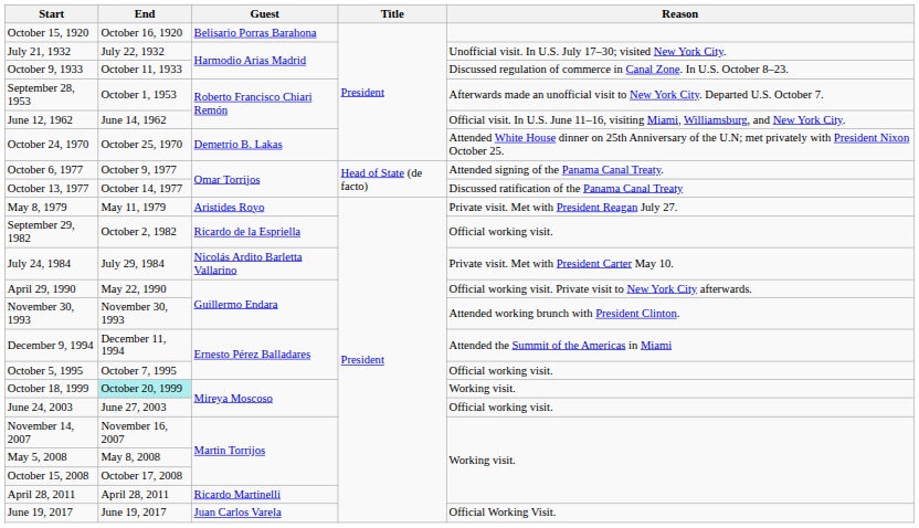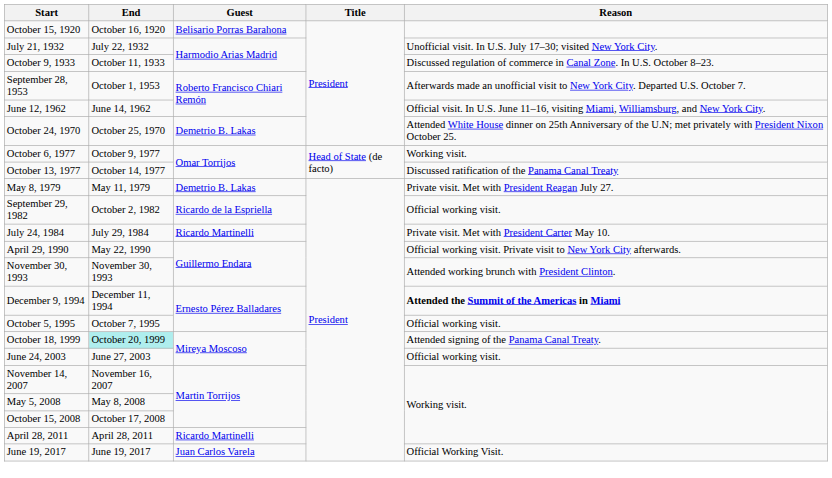 <table class="wikitable sortable">
 <tr>
 <th>Start</th>
 <th>End</th>
 <th>Guest</th>
 <th>Title</th>
 <th>Reason</th>
 </tr>
 <tr>
 <td>October 15, 1920</td>
 <td>October 16, 1920</td>
 <td><a href='#'>Belisario Porras Barahona</a></td>
 <td rowspan=6><a href='#'>President</a></td>
 <td></td>
 </tr>
 <tr>
 <td>July 21, 1932</td>
 <td>July 22, 1932</td>
 <td rowspan=2><a href='#'>Harmodio Arias Madrid</a></td>
 <td>Unofficial visit. In U.S. July 17–30; visited <a href='#'>New York City</a>.</td>
 </tr>
 <tr>
 <td>October 9, 1933</td>
 <td>October 11, 1933</td>
 <td>Discussed regulation of commerce in <a href='#'>Canal Zone</a>. In U.S. October 8–23.</td>
 </tr>
 <tr>
 <td>September 28, 1953</td>
 <td>October 1, 1953</td>
 <td rowspan=2><a href='#'>Roberto Francisco Chiari Remón</a></td>
 <td>Afterwards made an unofficial visit to <a href='#'>New York City</a>. Departed U.S. October 7.</td>
 </tr>
 <tr>
 <td>June 12, 1962</td>
 <td>June 14, 1962</td>
 <td>Official visit. In U.S. June 11–16, visiting <a href='#'>Miami</a>, <a href='#'>Williamsburg</a>, and <a href='#'>New York City</a>.</td>
 </tr>
 <tr>
 <td>October 24, 1970</td>
 <td>October 25, 1970</td>
 <td><a href='#'>Demetrio B. Lakas</a></td>
 <td>Attended <a href='#'>White House</a> dinner on 25th Anniversary of the U.N; met privately with <a href='#'>President Nixon</a> October 25.</td>
 </tr>
 <tr>
 <td>October 6, 1977</td>
 <td>October 9, 1977</td>
 <td rowspan=2><a href='#'>Omar Torrijos</a></td>
 <td rowspan=2><a href='#'>Head of State</a> (de facto)</td>
-<td>Attended signing of the <a href='#'>Panama Canal Treaty</a>.</td>
+<td>Working visit.</td>
 </tr>
 <tr>
 <td>October 13, 1977</td>
 <td>October 14, 1977</td>
 <td>Discussed ratification of the <a href='#'>Panama Canal Treaty</a></td>
 </tr>
 <tr>
 <td>May 8, 1979</td>
 <td>May 11, 1979</td>
-<td><a href='#'>Aristides Royo</a></td>
+<td><a href='#'>Demetrio B. Lakas</a></td>
 <td rowspan=14><a href='#'>President</a></td>
 <td>Private visit. Met with <a href='#'>President Reagan</a> July 27.</td>
 </tr>
 <tr>
 <td>September 29, 1982</td>
 <td>October 2, 1982</td>
 <td><a href='#'>Ricardo de la Espriella</a></td>
 <td>Official working visit.</td>
 </tr>
 <tr>
 <td>July 24, 1984</td>
 <td>July 29, 1984</td>
-<td><a href='#'>Nicolás Ardito Barletta Vallarino</a></td>
+<td><a href='#'>Ricardo Martinelli</a></td>
 <td>Private visit. Met with <a href='#'>President Carter</a> May 10.</td>
 </tr>
 <tr>
 <td>April 29, 1990</td>
 <td>May 22, 1990</td>
 <td rowspan=2><a href='#'>Guillermo Endara</a></td>
 <td>Official working visit. Private visit to <a href='#'>New York City</a> afterwards.</td>
 </tr>
 <tr>
 <td>November 30, 1993</td>
 <td>November 30, 1993</td>
 <td>Attended working brunch with <a href='#'>President Clinton</a>.</td>
 </tr>
 <tr>
 <td>December 9, 1994</td>
 <td>December 11, 1994</td>
 <td rowspan=2><a href='#'>Ernesto Pérez Balladares</a></td>
-<td>Attended the <a href='#'>Summit of the Americas</a> in <a href='#'>Miami</a></td>
+<td><strong>Attended the <a href='#'>Summit of the Americas</a> in <a href='#'>Miami</a></strong></td>
 </tr>
 <tr>
 <td>October 5, 1995</td>
 <td>October 7, 1995</td>
 <td>Official working visit.</td>
 </tr>
 <tr>
 <td>October 18, 1999</td>
 <td style="background: paleturquoise;">October 20, 1999</td>
 <td rowspan=2><a href='#'>Mireya Moscoso</a></td>
-<td>Working visit.</td>
+<td>Attended signing of the <a href='#'>Panama Canal Treaty</a>.</td>
 </tr>
 <tr>
 <td>June 24, 2003</td>
 <td>June 27, 2003</td>
 <td>Official working visit.</td>
 </tr>
 <tr>
 <td>November 14, 2007</td>
 <td>November 16, 2007</td>
 <td rowspan="3"><a href='#'>Martin Torrijos</a></td>
 <td rowspan="4">Working visit.</td>
 </tr>
 <tr>
 <td>May 5, 2008</td>
 <td>May 8, 2008</td>
 </tr>
 <tr>
 <td>October 15, 2008</td>
 <td>October 17, 2008</td>
 </tr>
 <tr>
 <td>April 28, 2011</td>
 <td>April 28, 2011</td>
 <td><a href='#'>Ricardo Martinelli</a></td>
 </tr>
 <tr>
 <td>June 19, 2017</td>
 <td>June 19, 2017</td>
 <td><a href='#'>Juan Carlos Varela</a></td>
 <td>Official Working Visit.</td>
 </tr>
 </table>
